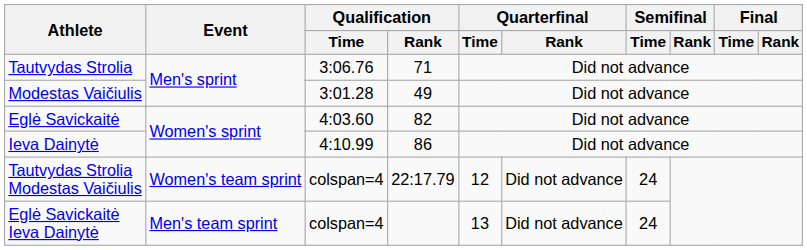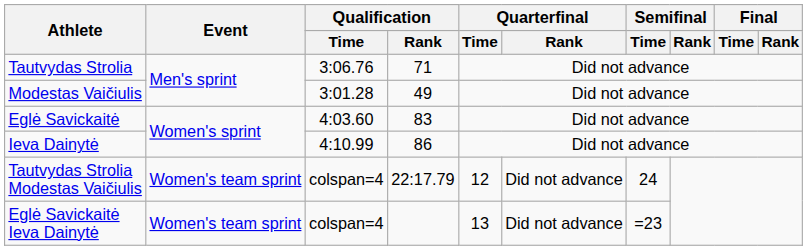 <table class="wikitable" style="font-size:90%">
 <tr>
 <th rowspan="2">Athlete</th>
 <th rowspan="2">Event</th>
 <th colspan="2">Qualification</th>
 <th colspan="2">Quarterfinal</th>
 <th colspan="2">Semifinal</th>
 <th colspan="2">Final</th>
 </tr>
 <tr style="font-size:95%">
 <th>Time</th>
 <th>Rank</th>
 <th>Time</th>
 <th>Rank</th>
 <th>Time</th>
 <th>Rank</th>
 <th>Time</th>
 <th>Rank</th>
 </tr>
 <tr align=center>
 <td align=left><a href='#'>Tautvydas Strolia</a></td>
 <td align=left rowspan=2><a href='#'>Men's sprint</a></td>
 <td>3:06.76</td>
 <td>71</td>
 <td colspan=6>Did not advance</td>
 </tr>
 <tr align=center>
 <td align=left><a href='#'>Modestas Vaičiulis</a></td>
 <td>3:01.28</td>
 <td>49</td>
 <td colspan=6>Did not advance</td>
 </tr>
 <tr align=center>
 <td align=left><a href='#'>Eglė Savickaitė</a></td>
 <td align=left rowspan=2><a href='#'>Women's sprint</a></td>
 <td>4:03.60</td>
-<td>82</td>
+<td>83</td>
 <td colspan=6>Did not advance</td>
 </tr>
 <tr align=center>
 <td align=left><a href='#'>Ieva Dainytė</a></td>
 <td>4:10.99</td>
 <td>86</td>
 <td colspan=6>Did not advance</td>
 </tr>
 <tr align=center>
 <td align=left><a href='#'>Tautvydas Strolia</a><br><a href='#'>Modestas Vaičiulis</a></td>
 <td align=left><a href='#'>Women's team sprint</a></td>
 <td>colspan=4 </td>
 <td>22:17.79</td>
 <td>12</td>
 <td>Did not advance</td>
 <td>24</td>
 </tr>
 <tr align=center>
 <td align=left><a href='#'>Eglė Savickaitė</a><br><a href='#'>Ieva Dainytė</a></td>
-<td align=left><a href='#'>Men's team sprint</a></td>
+<td align=left><a href='#'>Women's team sprint</a></td>
 <td>colspan=4 </td>
 <td></td>
 <td>13</td>
 <td>Did not advance</td>
-<td>24</td>
+<td>=23</td>
 </tr>
 </table>
